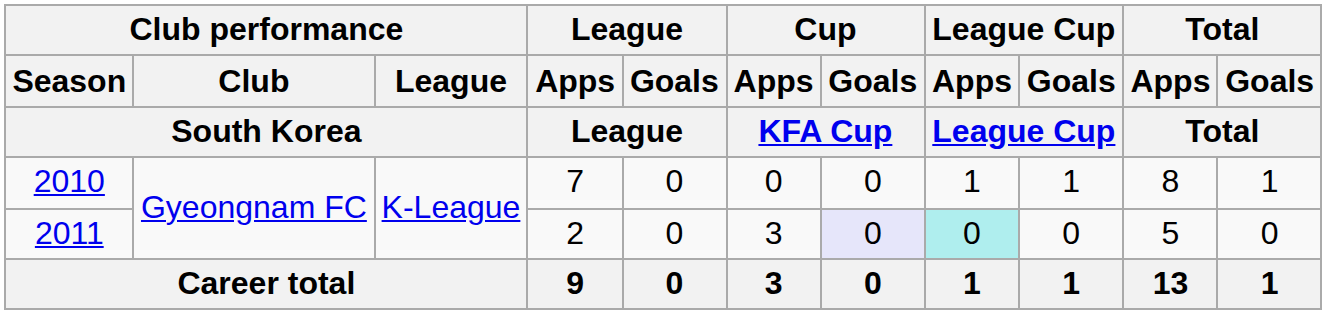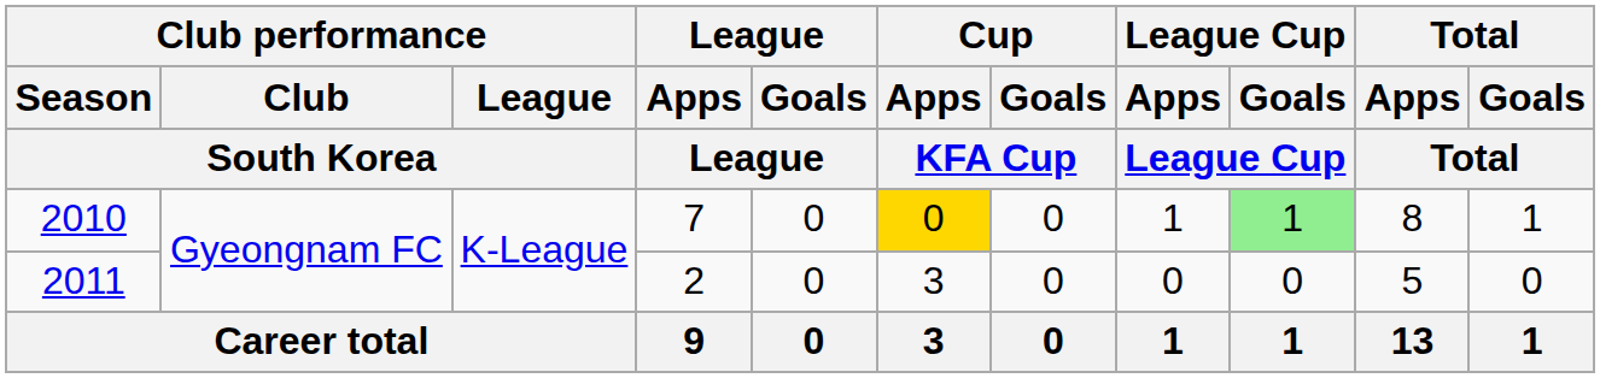 <table class="wikitable" style="text-align:center">
 <tr>
 <th colspan=3>Club performance</th>
 <th colspan=2>League</th>
 <th colspan=2>Cup</th>
 <th colspan=2>League Cup</th>
 <th colspan=2>Total</th>
 </tr>
 <tr>
 <th>Season</th>
 <th>Club</th>
 <th>League</th>
 <th>Apps</th>
 <th>Goals</th>
 <th>Apps</th>
 <th>Goals</th>
 <th>Apps</th>
 <th>Goals</th>
 <th>Apps</th>
 <th>Goals</th>
 </tr>
 <tr>
 </tr>
 <tr>
 <th colspan=3>South Korea</th>
 <th colspan=2>League</th>
 <th colspan=2><a href='#'>KFA Cup</a></th>
 <th colspan=2><a href='#'>League Cup</a></th>
 <th colspan=2>Total</th>
 </tr>
 <tr>
 <td><a href='#'>2010</a></td>
 <td rowspan="2"><a href='#'>Gyeongnam FC</a></td>
 <td rowspan="2"><a href='#'>K-League</a></td>
 <td>7</td>
 <td>0</td>
-<td>0</td>
+<td style="background: gold;">0</td>
 <td>0</td>
 <td>1</td>
-<td>1</td>
+<td style="background: lightgreen;">1</td>
 <td>8</td>
 <td>1</td>
 </tr>
 <tr>
 <td><a href='#'>2011</a></td>
 <td>2</td>
 <td>0</td>
 <td>3</td>
-<td style="background: lavender;">0</td>
-<td style="background: paleturquoise;">0</td>
+<td>0</td>
+<td>0</td>
 <td>0</td>
 <td>5</td>
 <td>0</td>
 </tr>
 <tr>
 <th colspan=3>Career total</th>
 <th>9</th>
 <th>0</th>
 <th>3</th>
 <th>0</th>
 <th>1</th>
 <th>1</th>
 <th>13</th>
 <th>1</th>
 </tr>
 </table>
